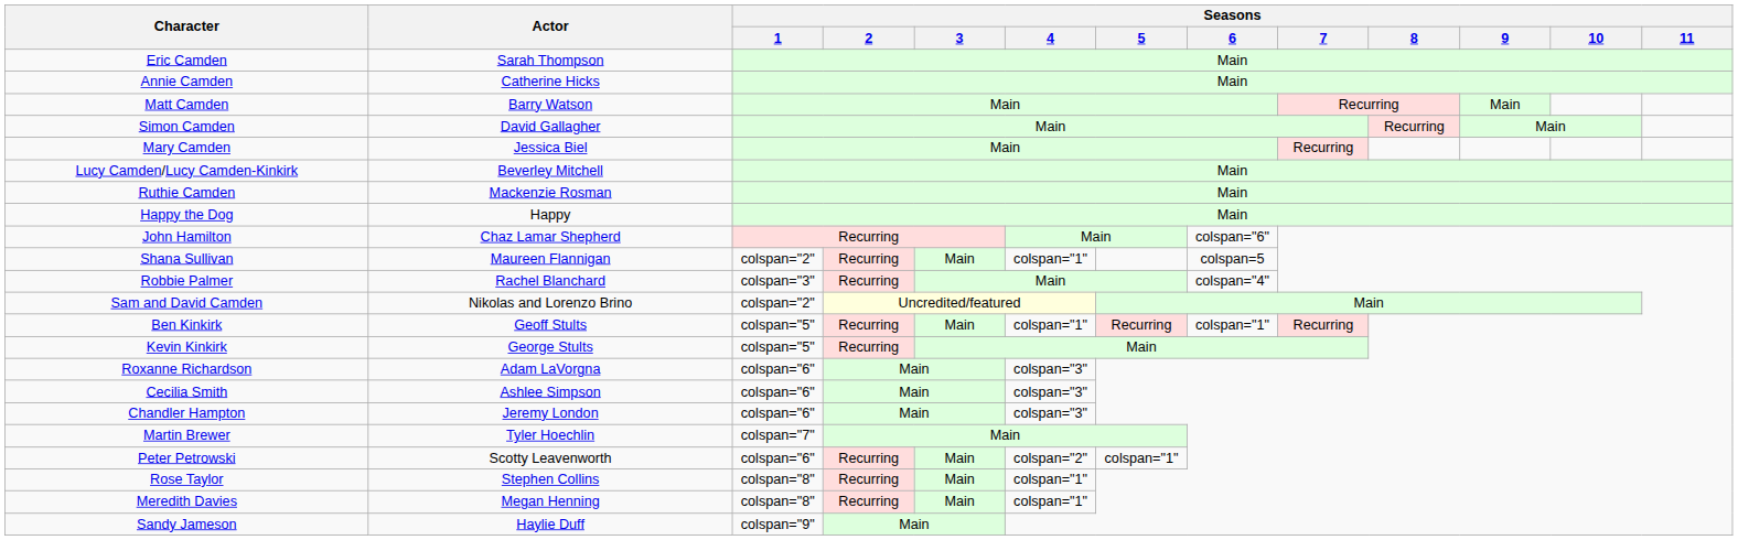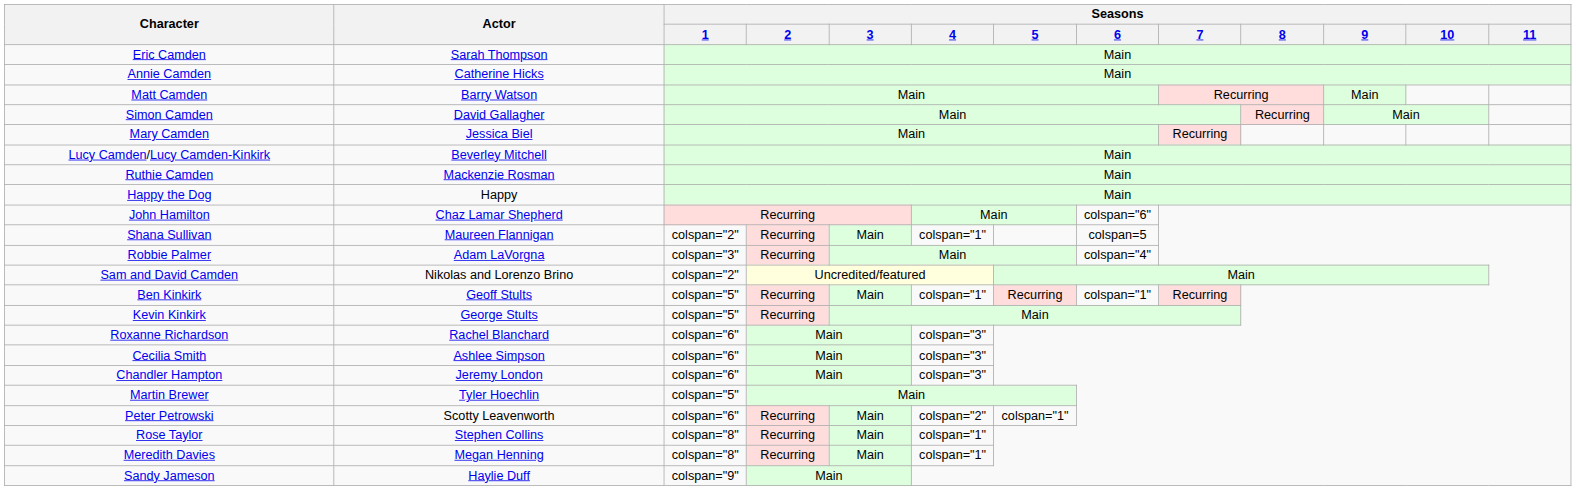 <table class="wikitable sortable" width="100%" style="text-align:center">
 <tr>
 <th rowspan="2" style="width:20%;">Character</th>
 <th rowspan="2" style="width:20%;">Actor</th>
 <th colspan="11">Seasons</th>
 </tr>
 <tr>
 <th scope="col" style="width:5%;"><a href='#'>1</a></th>
 <th scope="col" style="width:5%;"><a href='#'>2</a></th>
 <th scope="col" style="width:5%;"><a href='#'>3</a></th>
 <th scope="col" style="width:5%;"><a href='#'>4</a></th>
 <th scope="col" style="width:5%;"><a href='#'>5</a></th>
 <th scope="col" style="width:5%;"><a href='#'>6</a></th>
 <th scope="col" style="width:5%;"><a href='#'>7</a></th>
 <th scope="col" style="width:5%;"><a href='#'>8</a></th>
 <th scope="col" style="width:5%;"><a href='#'>9</a></th>
 <th scope="col" style="width:5%;"><a href='#'>10</a></th>
 <th scope="col" style="width:5%;"><a href='#'>11</a></th>
 </tr>
 <tr>
 <td scope="row"><a href='#'>Eric Camden</a></td>
 <td><a href='#'>Sarah Thompson</a></td>
 <td colspan="11" style="background:#dfd; text-align:center;">Main</td>
 </tr>
 <tr>
 <td scope="row"><a href='#'>Annie Camden</a></td>
 <td><a href='#'>Catherine Hicks</a></td>
 <td colspan="11" style="background:#dfd; text-align:center;">Main</td>
 </tr>
 <tr>
 <td scope="row"><a href='#'>Matt Camden</a></td>
 <td><a href='#'>Barry Watson</a></td>
 <td colspan="6" style="background:#dfd; text-align:center;">Main</td>
 <td colspan="2" style="background:#fdd; text-align:center;">Recurring</td>
 <td style="background:#dfd; text-align:center;">Main</td>
 <td></td>
 <td></td>
 </tr>
 <tr>
 <td scope="row"><a href='#'>Simon Camden</a></td>
 <td><a href='#'>David Gallagher</a></td>
 <td colspan="7" style="background:#dfd; text-align:center;">Main</td>
 <td style="background:#fdd; text-align:center;">Recurring</td>
 <td colspan="2" style="background:#dfd; text-align:center;">Main</td>
 <td></td>
 </tr>
 <tr>
 <td scope="row"><a href='#'>Mary Camden</a></td>
 <td><a href='#'>Jessica Biel</a></td>
 <td colspan="6" style="background:#dfd; text-align:center;">Main</td>
 <td style="background:#fdd; text-align:center;">Recurring</td>
 <td></td>
 <td></td>
 <td></td>
 <td></td>
 </tr>
 <tr>
 <td scope="row"><a href='#'>Lucy Camden</a>/<a href='#'>Lucy Camden-Kinkirk</a></td>
 <td><a href='#'>Beverley Mitchell</a></td>
 <td colspan="11" style="background:#dfd; text-align:center;">Main</td>
 </tr>
 <tr>
 <td scope="row"><a href='#'>Ruthie Camden</a></td>
 <td><a href='#'>Mackenzie Rosman</a></td>
 <td colspan="11" style="background:#dfd; text-align:center;">Main</td>
 </tr>
 <tr>
 <td scope="row"><a href='#'>Happy the Dog</a></td>
 <td>Happy</td>
 <td colspan="11" style="background:#dfd; text-align:center;">Main</td>
 </tr>
 <tr>
 <td scope="row"><a href='#'>John Hamilton</a></td>
 <td><a href='#'>Chaz Lamar Shepherd</a></td>
 <td colspan="3" style="background:#fdd; text-align:center;">Recurring</td>
 <td colspan="2" style="background:#dfd; text-align:center;">Main</td>
 <td>colspan="6" </td>
 </tr>
 <tr>
 <td scope="row"><a href='#'>Shana Sullivan</a></td>
 <td><a href='#'>Maureen Flannigan</a></td>
 <td>colspan="2" </td>
 <td style="background:#fdd; text-align:center;">Recurring</td>
 <td style="background:#dfd; text-align:center;">Main</td>
 <td>colspan="1" </td>
 <td></td>
 <td>colspan=5 </td>
 </tr>
 <tr>
 <td scope="row"><a href='#'>Robbie Palmer</a></td>
-<td><a href='#'>Rachel Blanchard</a></td>
+<td><a href='#'>Adam LaVorgna</a></td>
 <td>colspan="3" </td>
 <td style="background:#fdd; text-align:center;">Recurring</td>
 <td colspan="3" style="background:#dfd; text-align:center;">Main</td>
 <td>colspan="4" </td>
 </tr>
 <tr>
 <td scope="row"><a href='#'>Sam and David Camden</a></td>
 <td>Nikolas and Lorenzo Brino</td>
 <td>colspan="2" </td>
 <td colspan="3" style="background:#ffd; text-align:center;">Uncredited/featured</td>
 <td colspan="6" style="background:#dfd; text-align:center;">Main</td>
 </tr>
 <tr>
 <td scope="row"><a href='#'>Ben Kinkirk</a></td>
 <td><a href='#'>Geoff Stults</a></td>
 <td>colspan="5" </td>
 <td style="background:#fdd; text-align:center;">Recurring</td>
 <td style="background:#dfd; text-align:center;">Main</td>
 <td>colspan="1" </td>
 <td style="background:#fdd; text-align:center;">Recurring</td>
 <td>colspan="1" </td>
 <td style="background:#fdd; text-align:center;">Recurring</td>
 </tr>
 <tr>
 <td scope="row"><a href='#'>Kevin Kinkirk</a></td>
 <td><a href='#'>George Stults</a></td>
 <td>colspan="5" </td>
 <td style="background:#fdd; text-align:center;">Recurring</td>
 <td colspan="5" style="background:#dfd; text-align:center;">Main</td>
 </tr>
 <tr>
 <td scope="row"><a href='#'>Roxanne Richardson</a></td>
-<td><a href='#'>Adam LaVorgna</a></td>
+<td><a href='#'>Rachel Blanchard</a></td>
 <td>colspan="6" </td>
 <td colspan="2" style="background:#dfd; text-align:center;">Main</td>
 <td>colspan="3" </td>
 </tr>
 <tr>
 <td scope="row"><a href='#'>Cecilia Smith</a></td>
 <td><a href='#'>Ashlee Simpson</a></td>
 <td>colspan="6" </td>
 <td colspan="2" style="background:#dfd; text-align:center;">Main</td>
 <td>colspan="3" </td>
 </tr>
 <tr>
 <td scope="row"><a href='#'>Chandler Hampton</a></td>
 <td><a href='#'>Jeremy London</a></td>
 <td>colspan="6" </td>
 <td colspan="2" style="background:#dfd; text-align:center;">Main</td>
 <td>colspan="3" </td>
 </tr>
 <tr>
 <td scope="row"><a href='#'>Martin Brewer</a></td>
 <td><a href='#'>Tyler Hoechlin</a></td>
-<td>colspan="7" </td>
+<td>colspan="5" </td>
 <td colspan="4" style="background:#dfd; text-align:center;">Main</td>
 </tr>
 <tr>
 <td scope="row"><a href='#'>Peter Petrowski</a></td>
 <td>Scotty Leavenworth</td>
 <td>colspan="6" </td>
 <td style="background:#fdd; text-align:center;">Recurring</td>
 <td style="background:#dfd; text-align:center;">Main</td>
 <td>colspan="2" </td>
 <td>colspan="1" </td>
 </tr>
 <tr>
 <td scope="row"><a href='#'>Rose Taylor</a></td>
 <td><a href='#'>Stephen Collins</a></td>
 <td>colspan="8" </td>
 <td style="background:#fdd; text-align:center;">Recurring</td>
 <td style="background:#dfd; text-align:center;">Main</td>
 <td>colspan="1" </td>
 </tr>
 <tr>
 <td scope="row"><a href='#'>Meredith Davies</a></td>
 <td><a href='#'>Megan Henning</a></td>
 <td>colspan="8" </td>
 <td style="background:#fdd; text-align:center;">Recurring</td>
 <td style="background:#dfd; text-align:center;">Main</td>
 <td>colspan="1" </td>
 </tr>
 <tr>
 <td scope="row"><a href='#'>Sandy Jameson</a></td>
 <td><a href='#'>Haylie Duff</a></td>
 <td>colspan="9" </td>
 <td colspan="2" style="background:#dfd; text-align:center;">Main</td>
 </tr>
 </table>
